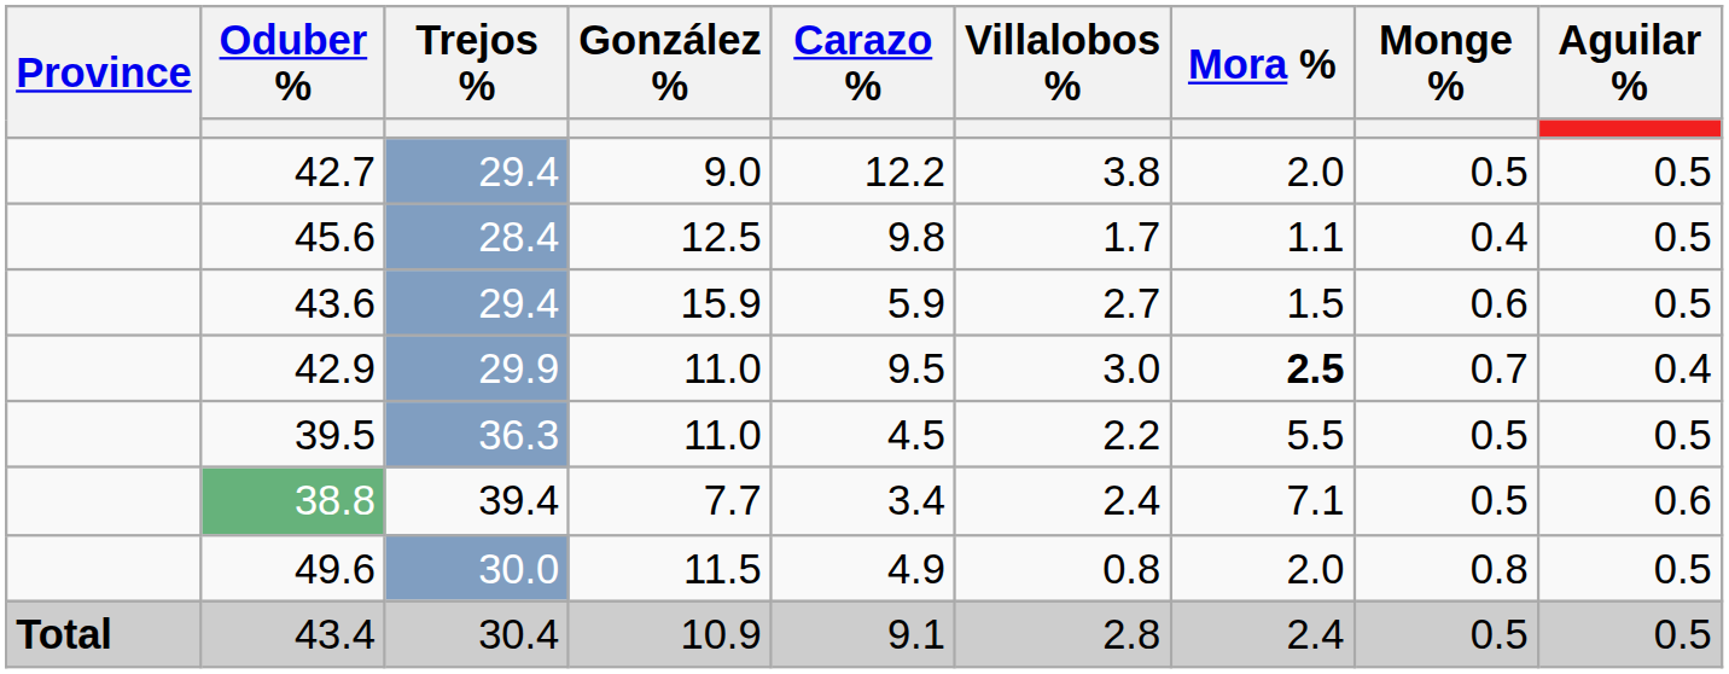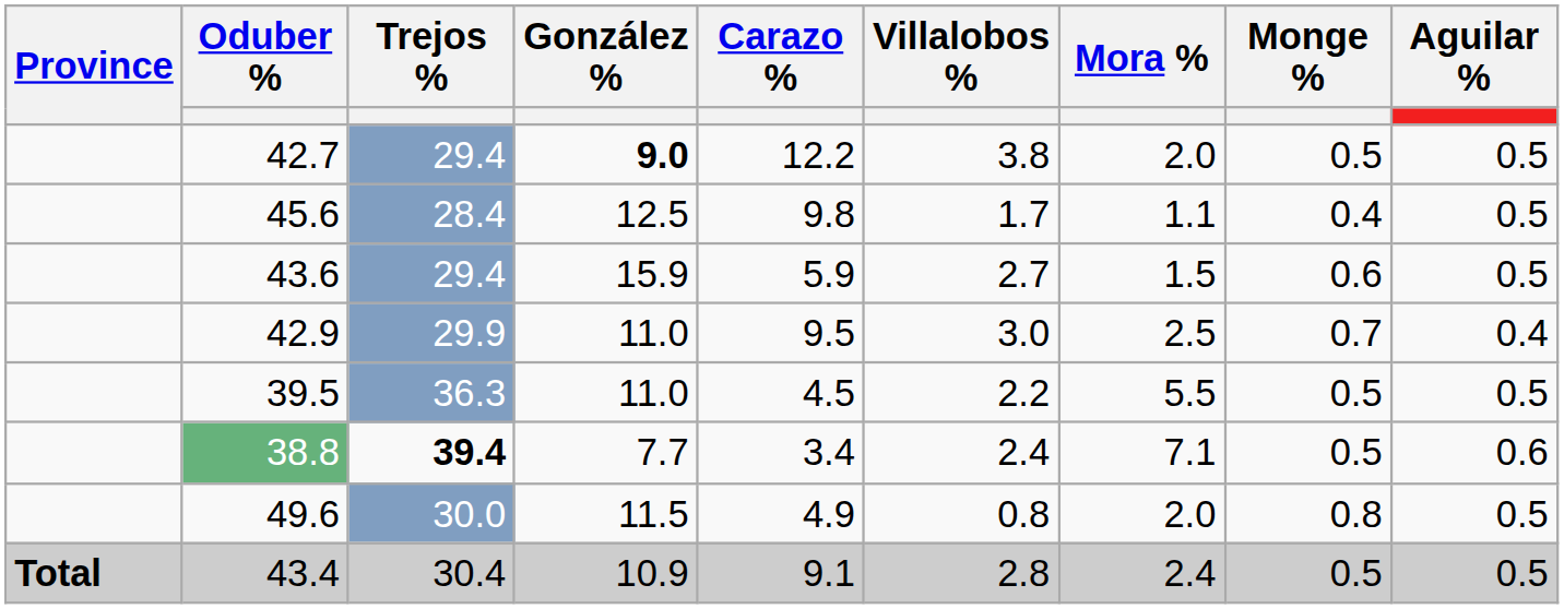 <table class="wikitable sortable" style="text-align:right; font-size:95%">
 <tr>
 <th rowspan=2><a href='#'>Province</a></th>
 <th width=60px><a href='#'>Oduber</a> %</th>
 <th width=60px>Trejos %</th>
 <th width=60px>González %</th>
 <th width=60px><a href='#'>Carazo</a> %</th>
 <th width=60px>Villalobos %</th>
 <th width=60px><a href='#'>Mora</a> %</th>
 <th width=60px>Monge %</th>
 <th width=60px>Aguilar %</th>
 </tr>
 <tr>
 <th style="background:"></th>
 <th style="background:"></th>
 <th style="background:"></th>
 <th style="background:"></th>
 <th style="background:"></th>
 <th style="background: "></th>
 <th style="background:"></th>
 <th style="background:#F21F1F"></th>
 </tr>
 <tr>
 <td align="left"></td>
 <td style="background:">42.7</td>
 <td style="background:#809ec1; color:white;">29.4</td>
-<td>9.0</td>
+<td><strong>9.0</strong></td>
 <td>12.2</td>
 <td>3.8</td>
 <td>2.0</td>
 <td>0.5</td>
 <td>0.5</td>
 </tr>
 <tr>
 <td align="left"></td>
 <td style="background:">45.6</td>
 <td style="background:#809ec1; color:white;">28.4</td>
 <td>12.5</td>
 <td>9.8</td>
 <td>1.7</td>
 <td>1.1</td>
 <td>0.4</td>
 <td>0.5</td>
 </tr>
 <tr>
 <td align="left"></td>
 <td style="background:">43.6</td>
 <td style="background:#809ec1; color:white;">29.4</td>
 <td>15.9</td>
 <td>5.9</td>
 <td>2.7</td>
 <td>1.5</td>
 <td>0.6</td>
 <td>0.5</td>
 </tr>
 <tr>
 <td align="left"></td>
 <td style="background:">42.9</td>
 <td style="background:#809ec1; color:white;">29.9</td>
 <td>11.0</td>
 <td>9.5</td>
 <td>3.0</td>
-<td><strong>2.5</strong></td>
+<td>2.5</td>
 <td>0.7</td>
 <td>0.4</td>
 </tr>
 <tr>
 <td align="left"></td>
 <td style="background:">39.5</td>
 <td style="background:#809ec1; color:white;">36.3</td>
 <td>11.0</td>
 <td>4.5</td>
 <td>2.2</td>
 <td>5.5</td>
 <td>0.5</td>
 <td>0.5</td>
 </tr>
 <tr>
 <td align="left"></td>
 <td style="background:#66B27B; color:white;">38.8</td>
-<td style="background:">39.4</td>
+<td style="background:"><strong>39.4</strong></td>
 <td>7.7</td>
 <td>3.4</td>
 <td>2.4</td>
 <td>7.1</td>
 <td>0.5</td>
 <td>0.6</td>
 </tr>
 <tr>
 <td align="left"></td>
 <td style="background:">49.6</td>
 <td style="background:#809ec1; color:white;">30.0</td>
 <td>11.5</td>
 <td>4.9</td>
 <td>0.8</td>
 <td>2.0</td>
 <td>0.8</td>
 <td>0.5</td>
 </tr>
 <tr style="background:#CDCDCD;">
 <td align="left"><strong>Total</strong></td>
 <td style="background:">43.4</td>
 <td>30.4</td>
 <td>10.9</td>
 <td>9.1</td>
 <td>2.8</td>
 <td>2.4</td>
 <td>0.5</td>
 <td>0.5</td>
 </tr>
 </table>
